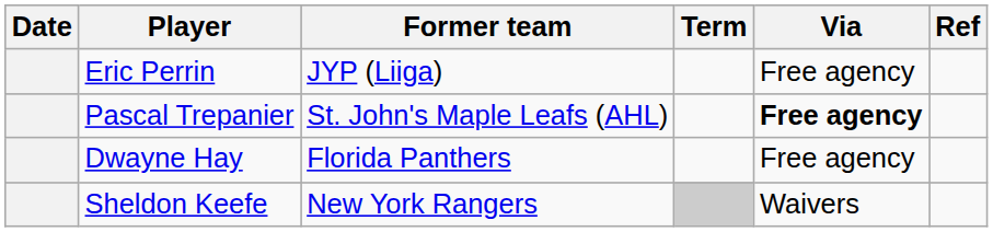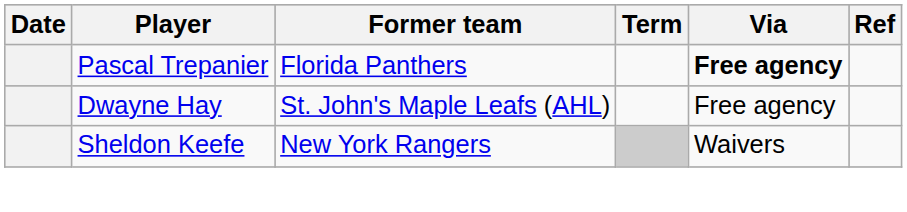 <table class="wikitable plainrowheaders">
 <tr style="background:#ddd; text-align:center;">
 <th>Date</th>
 <th>Player</th>
 <th>Former team</th>
 <th>Term</th>
 <th>Via</th>
 <th>Ref</th>
 </tr>
 <tr>
 <th scope="row"></th>
-<td><a href='#'>Eric Perrin</a></td>
-<td><a href='#'>JYP</a> (<a href='#'>Liiga</a>)</td>
-<td></td>
-<td>Free agency</td>
-<td></td>
-</tr>
-<tr>
-<th scope="row"></th>
 <td><a href='#'>Pascal Trepanier</a></td>
-<td><a href='#'>St. John's Maple Leafs</a> (<a href='#'>AHL</a>)</td>
+<td><a href='#'>Florida Panthers</a></td>
 <td></td>
 <td><strong>Free agency</strong></td>
 <td></td>
 </tr>
 <tr>
 <th scope="row"></th>
 <td><a href='#'>Dwayne Hay</a></td>
-<td><a href='#'>Florida Panthers</a></td>
+<td><a href='#'>St. John's Maple Leafs</a> (<a href='#'>AHL</a>)</td>
 <td></td>
 <td>Free agency</td>
 <td></td>
 </tr>
 <tr>
 <th scope="row"></th>
 <td><a href='#'>Sheldon Keefe</a></td>
 <td><a href='#'>New York Rangers</a></td>
 <td style="background:#ccc"></td>
 <td>Waivers</td>
 <td></td>
 </tr>
 </table>
